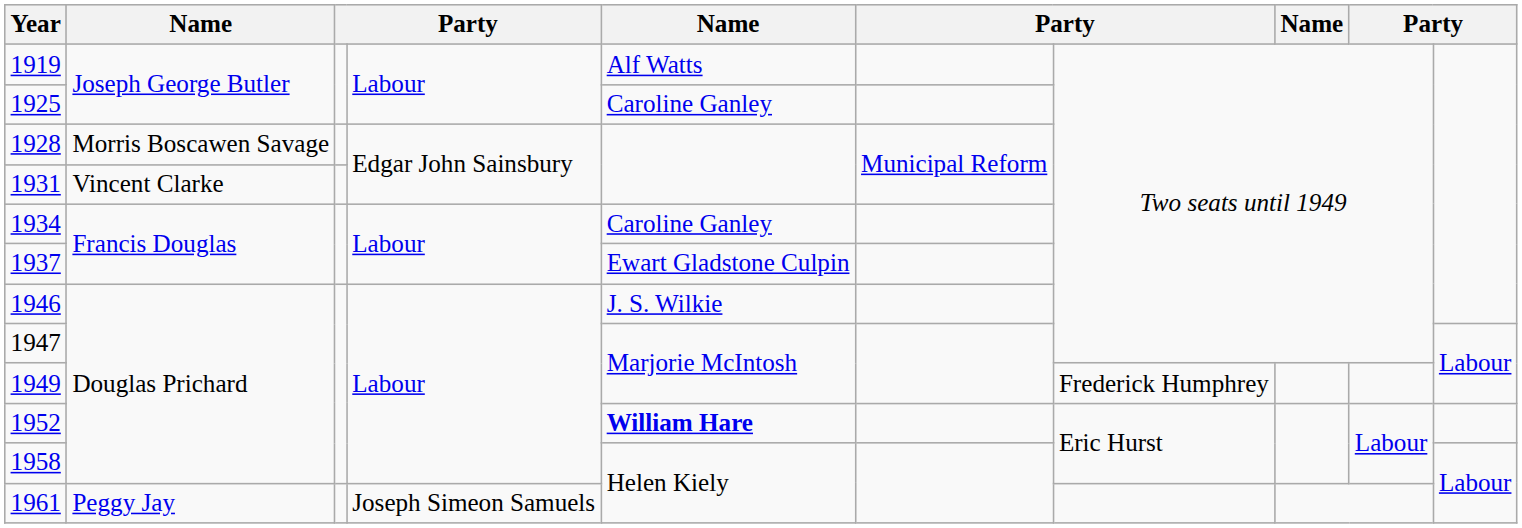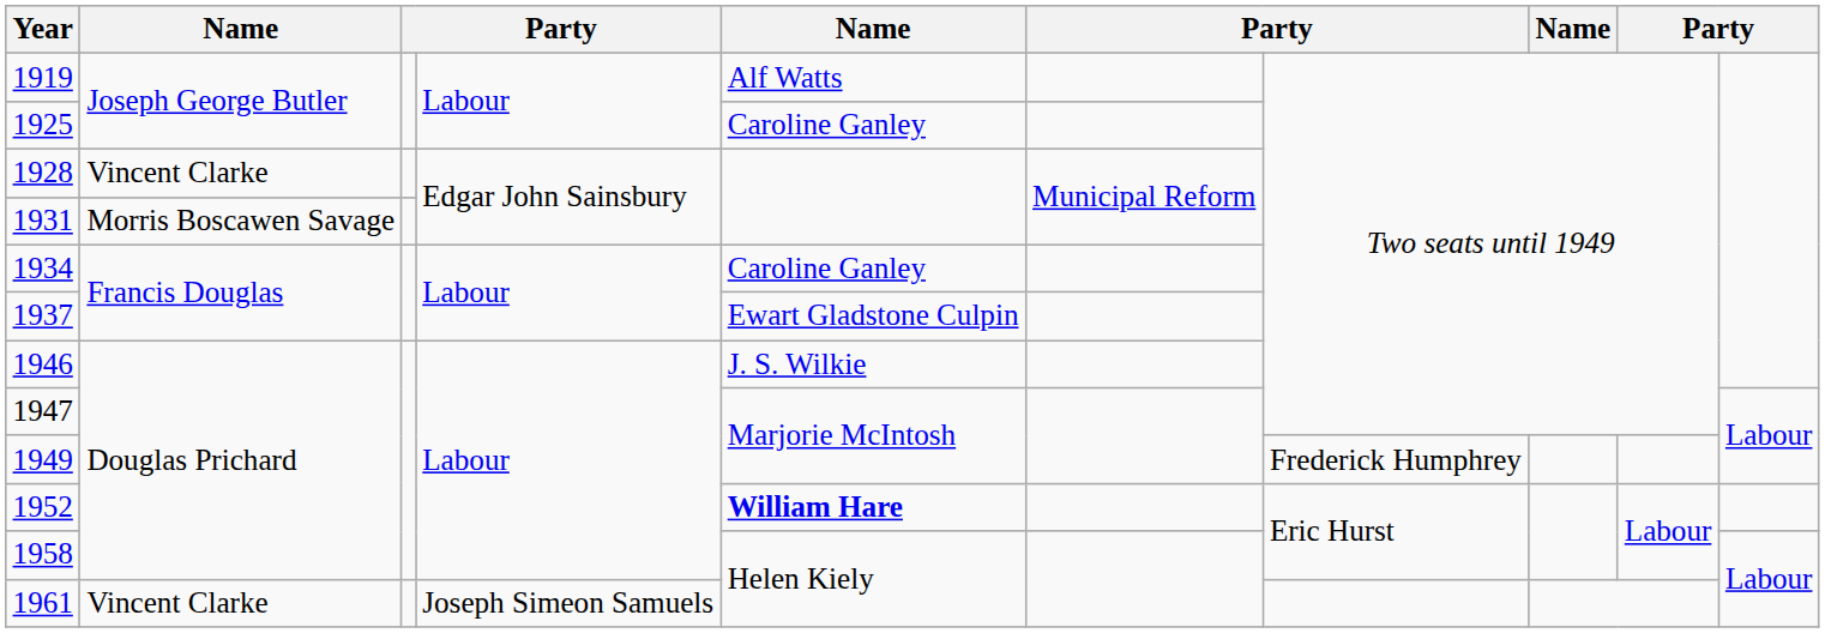 <table class="wikitable">
 <tr>
 <th>Year</th>
 <th>Name</th>
 <th colspan=2>Party</th>
 <th>Name</th>
 <th colspan=2>Party</th>
 <th>Name</th>
 <th colspan=2>Party</th>
 </tr>
 <tr>
 <td><a href='#'>1919</a></td>
 <td rowspan=2><a href='#'>Joseph George Butler</a></td>
 <td rowspan=2 style="background-color: "></td>
 <td rowspan=2><a href='#'>Labour</a></td>
 <td><a href='#'>Alf Watts</a></td>
 <td></td>
 <td rowspan=8 colspan=3 align="center"><em>Two seats until 1949</em></td>
 </tr>
 <tr>
 <td><a href='#'>1925</a></td>
 <td><a href='#'>Caroline Ganley</a></td>
 <td></td>
 </tr>
 <tr>
 <td><a href='#'>1928</a></td>
-<td>Morris Boscawen Savage</td>
+<td>Vincent Clarke</td>
 <td></td>
 <td rowspan=2>Edgar John Sainsbury</td>
 <td rowspan=2 style="background-color: "></td>
 <td rowspan=2><a href='#'>Municipal Reform</a></td>
 </tr>
 <tr>
 <td><a href='#'>1931</a></td>
-<td>Vincent Clarke</td>
+<td>Morris Boscawen Savage</td>
 <td></td>
 </tr>
 <tr>
 <td><a href='#'>1934</a></td>
 <td rowspan=2><a href='#'>Francis Douglas</a></td>
 <td rowspan=2 style="background-color: "></td>
 <td rowspan=2><a href='#'>Labour</a></td>
 <td><a href='#'>Caroline Ganley</a></td>
 <td></td>
 </tr>
 <tr>
 <td><a href='#'>1937</a></td>
 <td><a href='#'>Ewart Gladstone Culpin</a></td>
 <td></td>
 </tr>
 <tr>
 <td><a href='#'>1946</a></td>
 <td rowspan=5>Douglas Prichard</td>
 <td rowspan=5 style="background-color: "></td>
 <td rowspan=5><a href='#'>Labour</a></td>
 <td><a href='#'>J. S. Wilkie</a></td>
 <td></td>
 </tr>
 <tr>
 <td>1947</td>
 <td rowspan=2><a href='#'>Marjorie McIntosh</a></td>
 <td rowspan=2 style="background-color: "></td>
 <td rowspan=2><a href='#'>Labour</a></td>
 </tr>
 <tr>
 <td><a href='#'>1949</a></td>
 <td>Frederick Humphrey</td>
 <td></td>
 </tr>
 <tr>
 <td><a href='#'>1952</a></td>
 <td><strong><a href='#'>William Hare</a></strong></td>
 <td></td>
 <td rowspan=2>Eric Hurst</td>
 <td rowspan=2 style="background-color: "></td>
 <td rowspan=2><a href='#'>Labour</a></td>
 </tr>
 <tr>
 <td><a href='#'>1958</a></td>
 <td rowspan=2>Helen Kiely</td>
 <td rowspan=2 style="background-color: "></td>
 <td rowspan=2><a href='#'>Labour</a></td>
 </tr>
 <tr>
 <td><a href='#'>1961</a></td>
-<td><a href='#'>Peggy Jay</a></td>
+<td>Vincent Clarke</td>
 <td></td>
 <td>Joseph Simeon Samuels</td>
 <td></td>
 </tr>
 </table>
